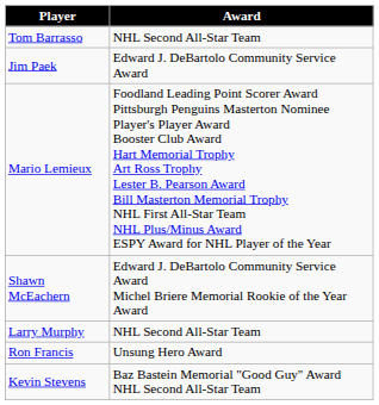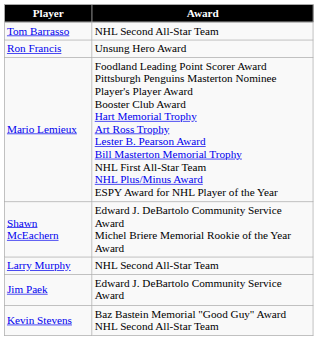 <table class="wikitable" border="1" style="width:35%;">
 <tr style="background:#ddd;">
 <th style="color:white; background:#000000; ">Player</th>
 <th style="color:white; background:#000000; ">Award</th>
 </tr>
 <tr>
 <td><a href='#'>Tom Barrasso</a></td>
 <td>NHL Second All-Star Team</td>
 </tr>
 <tr>
-<td><a href='#'>Jim Paek</a></td>
-<td>Edward J. DeBartolo Community Service Award</td>
+<td><a href='#'>Ron Francis</a></td>
+<td>Unsung Hero Award</td>
 </tr>
 <tr>
 <td><a href='#'>Mario Lemieux</a></td>
 <td>Foodland Leading Point Scorer Award<br>Pittsburgh Penguins Masterton Nominee<br>Player's Player Award<br>Booster Club Award<br><a href='#'>Hart Memorial Trophy</a><br><a href='#'>Art Ross Trophy</a><br><a href='#'>Lester B. Pearson Award</a><br><a href='#'>Bill Masterton Memorial Trophy</a><br>NHL First All-Star Team<br><a href='#'>NHL Plus/Minus Award</a><br>ESPY Award for NHL Player of the Year</td>
 </tr>
 <tr>
 <td><a href='#'>Shawn McEachern</a></td>
 <td>Edward J. DeBartolo Community Service Award<br>Michel Briere Memorial Rookie of the Year Award</td>
 </tr>
 <tr>
 <td><a href='#'>Larry Murphy</a></td>
 <td>NHL Second All-Star Team</td>
 </tr>
 <tr>
-<td><a href='#'>Ron Francis</a></td>
-<td>Unsung Hero Award</td>
+<td><a href='#'>Jim Paek</a></td>
+<td>Edward J. DeBartolo Community Service Award</td>
 </tr>
 <tr>
 <td><a href='#'>Kevin Stevens</a></td>
 <td>Baz Bastein Memorial "Good Guy" Award<br>NHL Second All-Star Team</td>
 </tr>
 </table>
